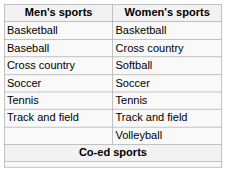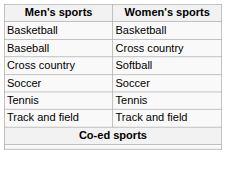 <table class="wikitable"; style= "text-align: ">
 <tr>
 <th width=150px>Men's sports</th>
 <th width=150px>Women's sports</th>
 </tr>
 <tr>
 <td>Basketball</td>
 <td>Basketball</td>
 </tr>
 <tr>
 <td>Baseball</td>
 <td>Cross country</td>
 </tr>
 <tr>
 <td>Cross country</td>
 <td>Softball</td>
 </tr>
 <tr>
 <td>Soccer</td>
 <td>Soccer</td>
 </tr>
 <tr>
 <td>Tennis</td>
 <td>Tennis</td>
 </tr>
 <tr>
 <td>Track and field</td>
 <td>Track and field</td>
 </tr>
 <tr>
-<td></td>
-<td>Volleyball</td>
-</tr>
-<tr>
 <th colspan=2>Co-ed sports</th>
 </tr>
 <tr>
 <td colspan=2></td>
 </tr>
 </table>
